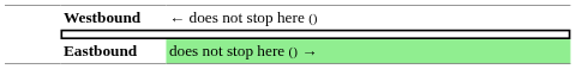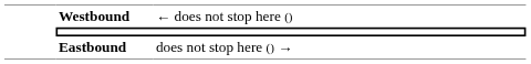 <table table border=0 cellspacing=0 cellpadding=3>
 <tr>
 <td style="border-top:solid 1px gray;border-bottom:solid 1px gray;" width=50 rowspan=3 valign=top></td>
 <td style="border-top:solid 1px gray;" width=100><strong>Westbound</strong></td>
 <td style="border-top:solid 1px gray;" width=400>←  does not stop here <small>()</small></td>
 </tr>
 <tr>
 <td style="border-top:solid 2px black;border-right:solid 2px black;border-left:solid 2px black;border-bottom:solid 2px black;text-align:center;" colspan=2></td>
 </tr>
 <tr>
 <td style="border-bottom:solid 1px gray;"><strong>Eastbound</strong></td>
-<td style="background: lightgreen; border-bottom:solid 1px gray;"> does not stop here <small>()</small> →</td>
+<td style="border-bottom:solid 1px gray;"> does not stop here <small>()</small> →</td>
 </tr>
 </table>
